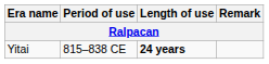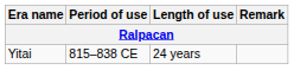 <table class="wikitable">
 <tr>
 <th>Era name</th>
 <th>Period of use</th>
 <th>Length of use</th>
 <th>Remark</th>
 </tr>
 <tr>
 <th colspan="4"><a href='#'>Ralpacan</a><br></th>
 </tr>
 <tr>
 <td>Yitai<br></td>
 <td>815–838 CE</td>
-<td><strong>24 years</strong></td>
+<td>24 years</td>
 <td></td>
 </tr>
 </table>
